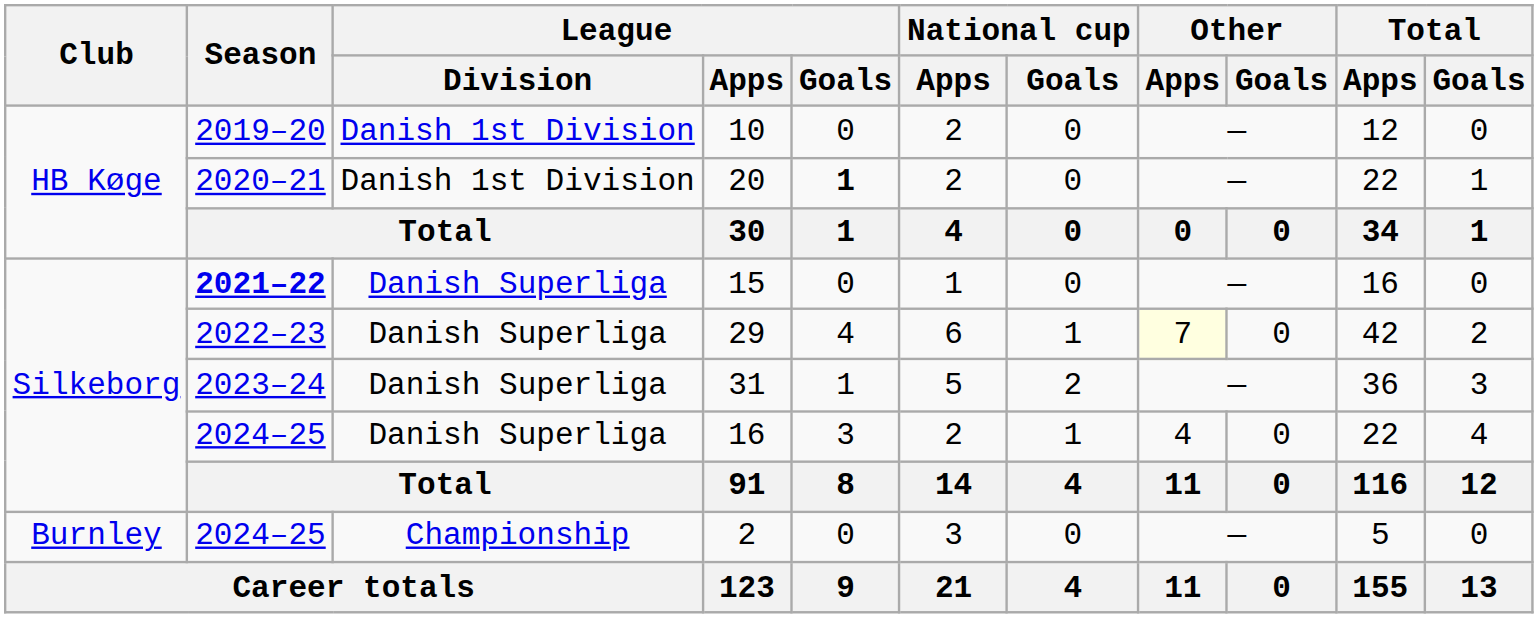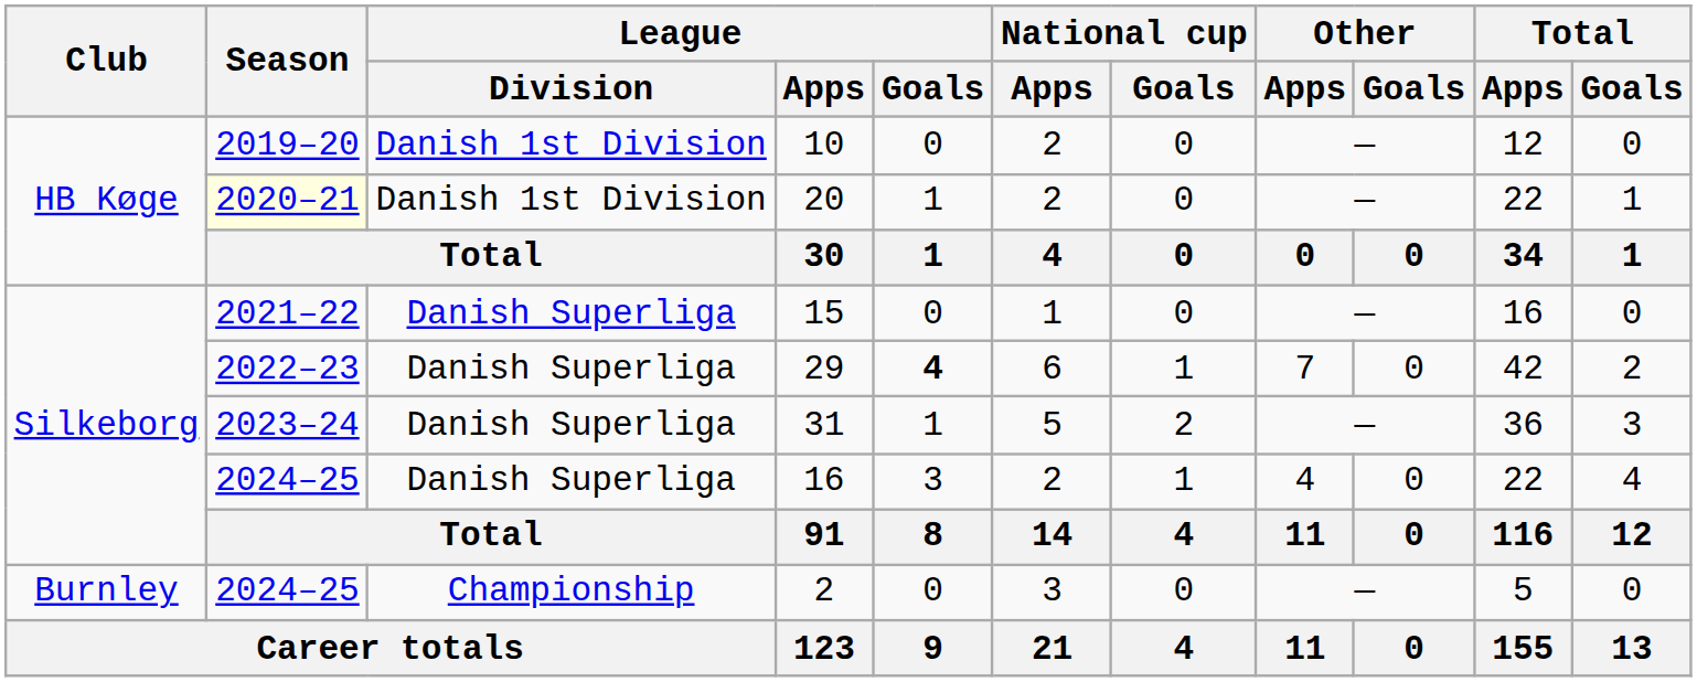 <table class="wikitable" style="text-align: center;">
 <tr>
 <th rowspan="2">Club</th>
 <th rowspan="2">Season</th>
 <th colspan="3">League</th>
 <th colspan="2">National cup</th>
 <th colspan="2">Other</th>
 <th colspan="2">Total</th>
 </tr>
 <tr>
 <th>Division</th>
 <th>Apps</th>
 <th>Goals</th>
 <th>Apps</th>
 <th>Goals</th>
 <th>Apps</th>
 <th>Goals</th>
 <th>Apps</th>
 <th>Goals</th>
 </tr>
 <tr>
 <td rowspan="3"><a href='#'>HB Køge</a></td>
 <td><a href='#'>2019–20</a></td>
 <td><a href='#'>Danish 1st Division</a></td>
 <td>10</td>
 <td>0</td>
 <td>2</td>
 <td>0</td>
 <td colspan="2">—</td>
 <td>12</td>
 <td>0</td>
 </tr>
 <tr>
-<td><a href='#'>2020–21</a></td>
+<td style="background: lightyellow;"><a href='#'>2020–21</a></td>
 <td>Danish 1st Division</td>
 <td>20</td>
-<td><strong>1</strong></td>
+<td>1</td>
 <td>2</td>
 <td>0</td>
 <td colspan="2">—</td>
 <td>22</td>
 <td>1</td>
 </tr>
 <tr>
 <th colspan="2">Total</th>
 <th>30</th>
 <th>1</th>
 <th>4</th>
 <th>0</th>
 <th>0</th>
 <th>0</th>
 <th>34</th>
 <th>1</th>
 </tr>
 <tr>
 <td rowspan="5"><a href='#'>Silkeborg</a></td>
-<td><strong><a href='#'>2021–22</a></strong></td>
+<td><a href='#'>2021–22</a></td>
 <td><a href='#'>Danish Superliga</a></td>
 <td>15</td>
 <td>0</td>
 <td>1</td>
 <td>0</td>
 <td colspan="2">—</td>
 <td>16</td>
 <td>0</td>
 </tr>
 <tr>
 <td><a href='#'>2022–23</a></td>
 <td>Danish Superliga</td>
 <td>29</td>
-<td>4</td>
+<td><strong>4</strong></td>
 <td>6</td>
 <td>1</td>
-<td style="background: lightyellow;">7</td>
+<td>7</td>
 <td>0</td>
 <td>42</td>
 <td>2</td>
 </tr>
 <tr>
 <td><a href='#'>2023–24</a></td>
 <td>Danish Superliga</td>
 <td>31</td>
 <td>1</td>
 <td>5</td>
 <td>2</td>
 <td colspan="2">—</td>
 <td>36</td>
 <td>3</td>
 </tr>
 <tr>
 <td><a href='#'>2024–25</a></td>
 <td>Danish Superliga</td>
 <td>16</td>
 <td>3</td>
 <td>2</td>
 <td>1</td>
 <td>4</td>
 <td>0</td>
 <td>22</td>
 <td>4</td>
 </tr>
 <tr>
 <th colspan="2">Total</th>
 <th>91</th>
 <th>8</th>
 <th>14</th>
 <th>4</th>
 <th>11</th>
 <th>0</th>
 <th>116</th>
 <th>12</th>
 </tr>
 <tr>
 <td><a href='#'>Burnley</a></td>
 <td><a href='#'>2024–25</a></td>
 <td><a href='#'>Championship</a></td>
 <td>2</td>
 <td>0</td>
 <td>3</td>
 <td>0</td>
 <td colspan="2">—</td>
 <td>5</td>
 <td>0</td>
 </tr>
 <tr>
 <th colspan="3">Career totals</th>
 <th>123</th>
 <th>9</th>
 <th>21</th>
 <th>4</th>
 <th>11</th>
 <th>0</th>
 <th>155</th>
 <th>13</th>
 </tr>
 </table>
